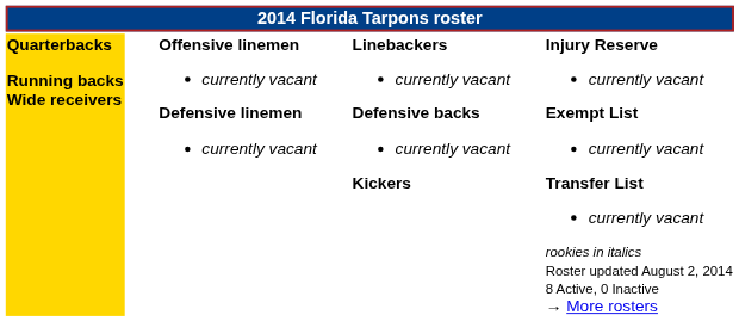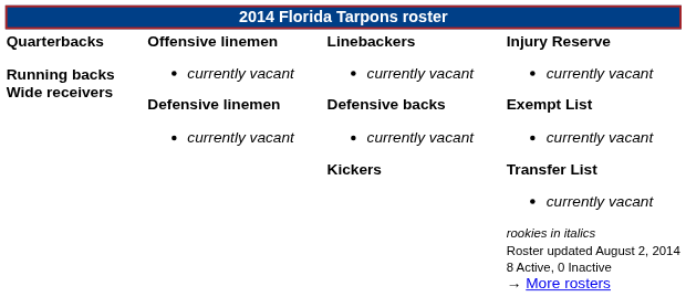 <table class="toccolours" style="text-align: left;">
 <tr>
 <th colspan="7" style="background:#003F87; border:2px solid #B22222; color:white; text-align:center;"><strong>2014 Florida Tarpons roster</strong></th>
 </tr>
 <tr>
-<td style="background: gold; font-size: 95%;" valign="top"><strong>Quarterbacks</strong><br> <br><strong>Running backs</strong> <br><strong>Wide receivers</strong>    </td>
+<td style="font-size: 95%;" valign="top"><strong>Quarterbacks</strong><br> <br><strong>Running backs</strong> <br><strong>Wide receivers</strong>    </td>
 <td style="width: 25px;"></td>
 <td style="font-size: 95%;" valign="top"><strong>Offensive linemen</strong><br><ul><li><em>currently vacant</em></li></ul><strong>Defensive linemen</strong><ul><li><em>currently vacant</em></li></ul></td>
 <td style="width: 25px;"></td>
 <td style="font-size: 95%;" valign="top"><strong>Linebackers</strong><br><ul><li><em>currently vacant</em></li></ul><strong>Defensive backs</strong><ul><li><em>currently vacant</em></li></ul><strong>Kickers</strong> </td>
 <td style="width: 25px;"></td>
 <td style="font-size: 95%;" valign="top"><strong>Injury Reserve</strong><br><ul><li><em>currently vacant</em></li></ul><strong>Exempt List</strong><ul><li><em>currently vacant</em></li></ul><strong>Transfer List</strong><ul><li><em>currently vacant</em></li></ul><small><em>rookies in italics</em><br>Roster updated August 2, 2014</small><br> <small>8 Active, 0 Inactive</small><br>→ <a href='#'>More rosters</a></td>
 </tr>
 <tr>
 </tr>
 </table>
